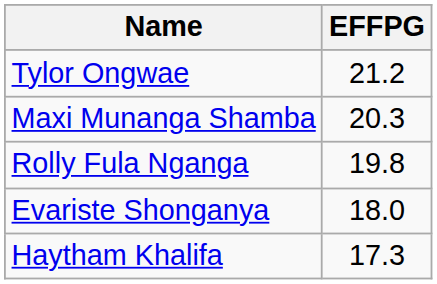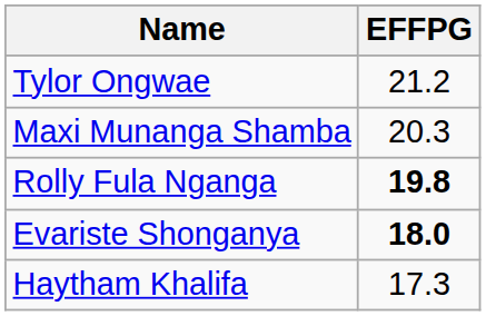 <table class="wikitable">
 <tr>
 <th>Name</th>
 <th>EFFPG</th>
 </tr>
 <tr>
 <td> <a href='#'>Tylor Ongwae</a></td>
 <td align=center>21.2</td>
 </tr>
 <tr>
 <td> <a href='#'>Maxi Munanga Shamba</a></td>
 <td align=center>20.3</td>
 </tr>
 <tr>
 <td> <a href='#'>Rolly Fula Nganga</a></td>
-<td align=center>19.8</td>
+<td align=center><strong>19.8</strong></td>
 </tr>
 <tr>
 <td> <a href='#'>Evariste Shonganya</a></td>
-<td align=center>18.0</td>
+<td align=center><strong>18.0</strong></td>
 </tr>
 <tr>
 <td> <a href='#'>Haytham Khalifa</a></td>
 <td align=center>17.3</td>
 </tr>
 </table>
